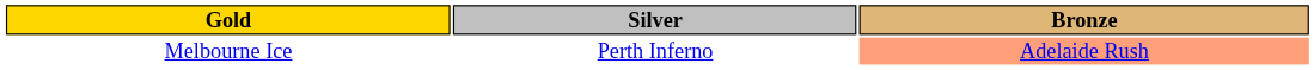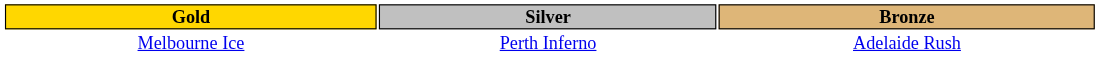 <table class="toccolours" align="center" style="width:60em;text-align: center">
 <tr>
 <th style="background:Gold;color:black;border:#000000 1px solid">Gold</th>
 <th style="background:Silver;color:black;border:#000000 1px solid">Silver</th>
 <th style="background:#deb678;color:black;border:#000000 1px solid">Bronze</th>
 </tr>
 <tr>
 <td> <a href='#'>Melbourne Ice</a></td>
 <td> <a href='#'>Perth Inferno</a></td>
-<td style="background: lightsalmon;"> <a href='#'>Adelaide Rush</a></td>
+<td> <a href='#'>Adelaide Rush</a></td>
 </tr>
 <tr>
 </tr>
 </table>
